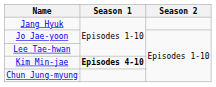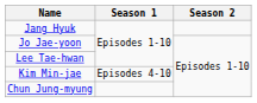 <table class=wikitable style="text-align:center;">
 <tr>
 <th>Name</th>
 <th>Season 1</th>
 <th>Season 2</th>
 </tr>
 <tr>
 <td><a href='#'>Jang Hyuk</a></td>
 <td rowspan=3>Episodes 1-10</td>
 <td></td>
 </tr>
 <tr>
 <td><a href='#'>Jo Jae-yoon</a></td>
 <td rowspan="4">Episodes 1-10</td>
 </tr>
 <tr>
 <td><a href='#'>Lee Tae-hwan</a></td>
 </tr>
 <tr>
 <td><a href='#'>Kim Min-jae</a></td>
-<td><strong>Episodes 4-10</strong></td>
+<td>Episodes 4-10</td>
 </tr>
 <tr>
 <td><a href='#'>Chun Jung-myung</a></td>
 <td></td>
 </tr>
 </table>
